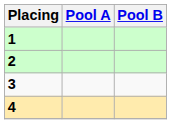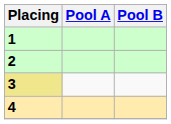 <table class=wikitable style="border:1px solid #AAAAAA;">
 <tr>
 <th>Placing</th>
 <th><a href='#'>Pool A</a></th>
 <th><a href='#'>Pool B</a></th>
 </tr>
 <tr style="background: #ccffcc;">
 <td><strong>1</strong></td>
 <td></td>
 <td></td>
 </tr>
 <tr style="background: #ccffcc;">
 <td><strong>2</strong></td>
 <td></td>
 <td></td>
 </tr>
 <tr>
-<td><strong>3</strong></td>
+<td style="background: khaki;"><strong>3</strong></td>
 <td></td>
 <td></td>
 </tr>
 <tr style="background: #ffebad;">
 <td><strong>4</strong></td>
 <td></td>
 <td></td>
 </tr>
 <tr>
 </tr>
 </table>
